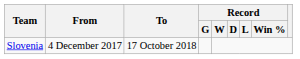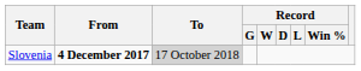 <table class="wikitable" style="text-align: center">
 <tr>
 <th rowspan="2">Team</th>
 <th rowspan="2">From</th>
 <th rowspan="2">To</th>
 <th colspan="5">Record</th>
 <th rowspan=2></th>
 </tr>
 <tr>
 <th>G</th>
 <th>W</th>
 <th>D</th>
 <th>L</th>
 <th>Win %</th>
 </tr>
 <tr>
 <td align=left><a href='#'>Slovenia</a></td>
-<td align=left>4 December 2017</td>
-<td align=left>17 October 2018<br></td>
+<td align=left><strong>4 December 2017</strong></td>
+<td align=left style="background: lightgrey;">17 October 2018<br></td>
 <td></td>
 </tr>
 </table>
